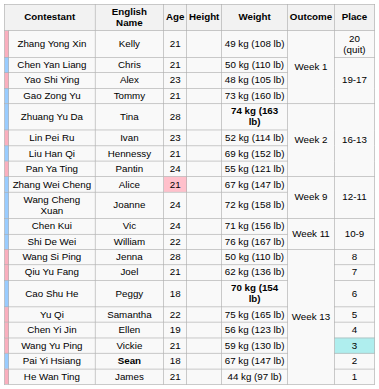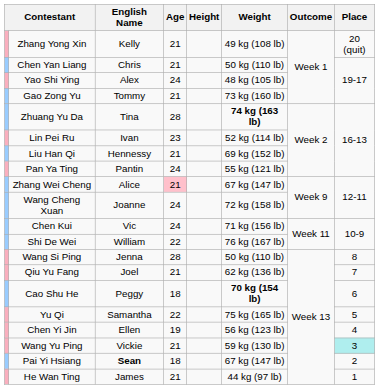 <table class="wikitable sortable" style="text-align:center;">
 <tr>
 <th colspan="2">Contestant</th>
 <th>English Name</th>
 <th>Age</th>
 <th>Height</th>
 <th>Weight</th>
 <th>Outcome</th>
 <th>Place</th>
 </tr>
 <tr>
 <td style="background:#faafbe;"></td>
 <td>Zhang Yong Xin</td>
 <td>Kelly</td>
 <td>21</td>
 <td></td>
 <td>49 kg (108 lb)</td>
 <td rowspan=4>Week 1</td>
 <td>20 (quit)</td>
 </tr>
 <tr>
 <td style="background:#9cf;"></td>
 <td>Chen Yan Liang</td>
 <td>Chris</td>
 <td>21</td>
 <td></td>
 <td>50 kg (110 lb)</td>
 <td rowspan=3>19-17</td>
 </tr>
 <tr>
 <td style="background:#faafbe;"></td>
 <td>Yao Shi Ying</td>
 <td>Alex</td>
-<td>23</td>
+<td>24</td>
 <td></td>
 <td>48 kg (105 lb)</td>
 </tr>
 <tr>
 <td style="background:#9cf;"></td>
 <td>Gao Zong Yu</td>
 <td>Tommy</td>
 <td>21</td>
 <td></td>
 <td>73 kg (160 lb)</td>
 </tr>
 <tr>
 <td style="background:#9cf;"></td>
 <td>Zhuang Yu Da</td>
 <td>Tina</td>
 <td>28</td>
 <td></td>
 <td><strong>74 kg (163 lb)</strong></td>
 <td rowspan=4>Week 2</td>
 <td rowspan=4>16-13</td>
 </tr>
 <tr>
 <td style="background:#faafbe;"></td>
 <td>Lin Pei Ru</td>
 <td>Ivan</td>
 <td>23</td>
 <td></td>
 <td>52 kg (114 lb)</td>
 </tr>
 <tr>
 <td style="background:#9cf;"></td>
 <td>Liu Han Qi</td>
 <td>Hennessy</td>
 <td>21</td>
 <td></td>
 <td>69 kg (152 lb)</td>
 </tr>
 <tr>
 <td style="background:#faafbe;"></td>
 <td>Pan Ya Ting</td>
 <td>Pantin</td>
 <td>24</td>
 <td></td>
 <td>55 kg (121 lb)</td>
 </tr>
 <tr>
 <td style="background:#9cf;"></td>
 <td>Zhang Wei Cheng</td>
 <td>Alice</td>
 <td style="background: pink;">21</td>
 <td></td>
 <td>67 kg (147 lb)</td>
 <td rowspan=2>Week 9</td>
 <td rowspan=2>12-11</td>
 </tr>
 <tr>
 <td style="background:#9cf;"></td>
 <td>Wang Cheng Xuan</td>
 <td>Joanne</td>
 <td>24</td>
 <td></td>
 <td>72 kg (158 lb)</td>
 </tr>
 <tr>
 <td style="background:#9cf;"></td>
 <td>Chen Kui</td>
 <td>Vic</td>
 <td>24</td>
 <td></td>
 <td>71 kg (156 lb)</td>
 <td rowspan=2>Week 11</td>
 <td rowspan=2>10-9</td>
 </tr>
 <tr>
 <td style="background:#9cf;"></td>
 <td>Shi De Wei</td>
 <td>William</td>
 <td>22</td>
 <td></td>
 <td>76 kg (167 lb)</td>
 </tr>
 <tr>
 <td style="background:#faafbe;"></td>
 <td>Wang Si Ping</td>
 <td>Jenna</td>
 <td>28</td>
 <td></td>
 <td>50 kg (110 lb)</td>
 <td rowspan=8>Week 13</td>
 <td>8</td>
 </tr>
 <tr>
 <td style="background:#faafbe;"></td>
 <td>Qiu Yu Fang</td>
 <td>Joel</td>
 <td>21</td>
 <td></td>
 <td>62 kg (136 lb)</td>
 <td>7</td>
 </tr>
 <tr>
 <td style="background:#9cf;"></td>
 <td>Cao Shu He</td>
 <td>Peggy</td>
 <td>18</td>
 <td></td>
 <td><strong>70 kg (154 lb)</strong></td>
 <td>6</td>
 </tr>
 <tr>
 <td style="background:#faafbe;"></td>
 <td>Yu Qi</td>
 <td>Samantha</td>
 <td>22</td>
 <td></td>
 <td>75 kg (165 lb)</td>
 <td>5</td>
 </tr>
 <tr>
 <td style="background:#faafbe;"></td>
 <td>Chen Yi Jin</td>
 <td>Ellen</td>
 <td>19</td>
 <td></td>
 <td>56 kg (123 lb)</td>
 <td>4</td>
 </tr>
 <tr>
 <td style="background:#faafbe;"></td>
 <td>Wang Yu Ping</td>
 <td>Vickie</td>
 <td>21</td>
 <td></td>
 <td>59 kg (130 lb)</td>
 <td style="background: paleturquoise;">3</td>
 </tr>
 <tr>
 <td style="background:#9cf;"></td>
 <td>Pai Yi Hsiang</td>
 <td><strong>Sean</strong></td>
 <td>18</td>
 <td></td>
 <td>67 kg (147 lb)</td>
 <td>2</td>
 </tr>
 <tr>
 <td style="background:#faafbe;"></td>
 <td>He Wan Ting</td>
 <td>James</td>
 <td>21</td>
 <td></td>
 <td>44 kg (97 lb)</td>
 <td>1</td>
 </tr>
 </table>
